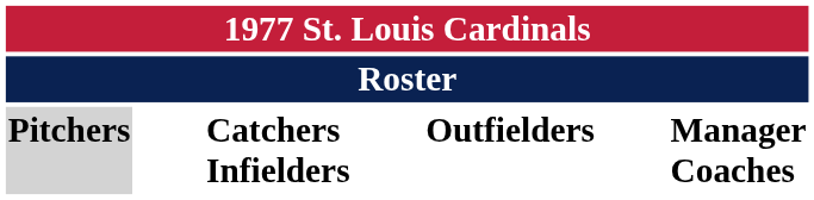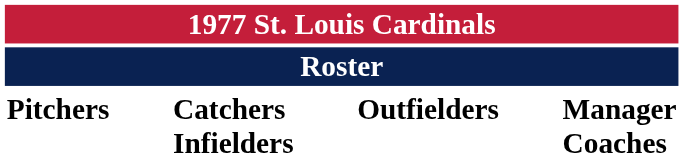 <table class="toccolours" style="font-size: 95%;">
 <tr>
 <th colspan="10" style="background-color: #c41e3a; color: white; text-align: center;">1977 St. Louis Cardinals</th>
 </tr>
 <tr>
 <td colspan="10" style="background-color: #0a2252; color: white; text-align: center;"><strong>Roster</strong></td>
 </tr>
 <tr>
-<td valign="top" style="background: lightgrey;"><strong>Pitchers</strong><br>              </td>
+<td valign="top"><strong>Pitchers</strong><br>              </td>
 <td width="25px"></td>
 <td valign="top"><strong>Catchers</strong><br>   <strong>Infielders</strong>          </td>
 <td width="25px"></td>
 <td valign="top"><strong>Outfielders</strong><br>           </td>
 <td width="25px"></td>
 <td valign="top"><strong>Manager</strong><br> <strong>Coaches</strong>    </td>
 </tr>
 </table>
